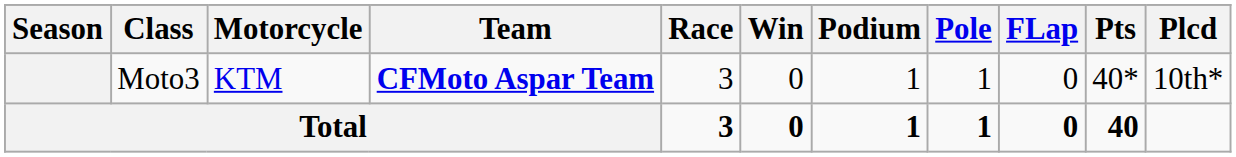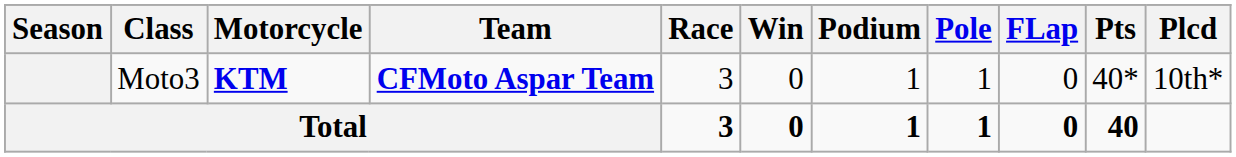 <table class="wikitable" style=text-align:right;">
 <tr>
 <th>Season</th>
 <th>Class</th>
 <th>Motorcycle</th>
 <th>Team</th>
 <th>Race</th>
 <th>Win</th>
 <th>Podium</th>
 <th><a href='#'>Pole</a></th>
 <th><a href='#'>FLap</a></th>
 <th>Pts</th>
 <th>Plcd</th>
 </tr>
 <tr>
 <th></th>
 <td>Moto3</td>
-<td style="text-align:left;"><a href='#'>KTM</a></td>
+<td style="text-align:left;"><strong><a href='#'>KTM</a></strong></td>
 <td style="text-align:left;"><strong><a href='#'>CFMoto Aspar Team</a></strong></td>
 <td>3</td>
 <td>0</td>
 <td>1</td>
 <td>1</td>
 <td>0</td>
 <td>40*</td>
 <td>10th*</td>
 </tr>
 <tr>
 <th colspan="4">Total</th>
 <td><strong>3</strong></td>
 <td><strong>0</strong></td>
 <td><strong>1</strong></td>
 <td><strong>1</strong></td>
 <td><strong>0</strong></td>
 <td><strong>40</strong></td>
 <td></td>
 </tr>
 </table>
